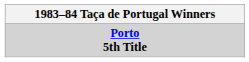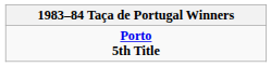 <table class="wikitable" style="text-align: center; margin: 0 auto; width: 20%">
 <tr>
 <th>1983–84 Taça de Portugal Winners</th>
 </tr>
 <tr>
-<td style="background: lightgrey;"><strong><a href='#'>Porto</a></strong><br><strong>5th Title</strong></td>
+<td><strong><a href='#'>Porto</a></strong><br><strong>5th Title</strong></td>
 </tr>
 </table>
